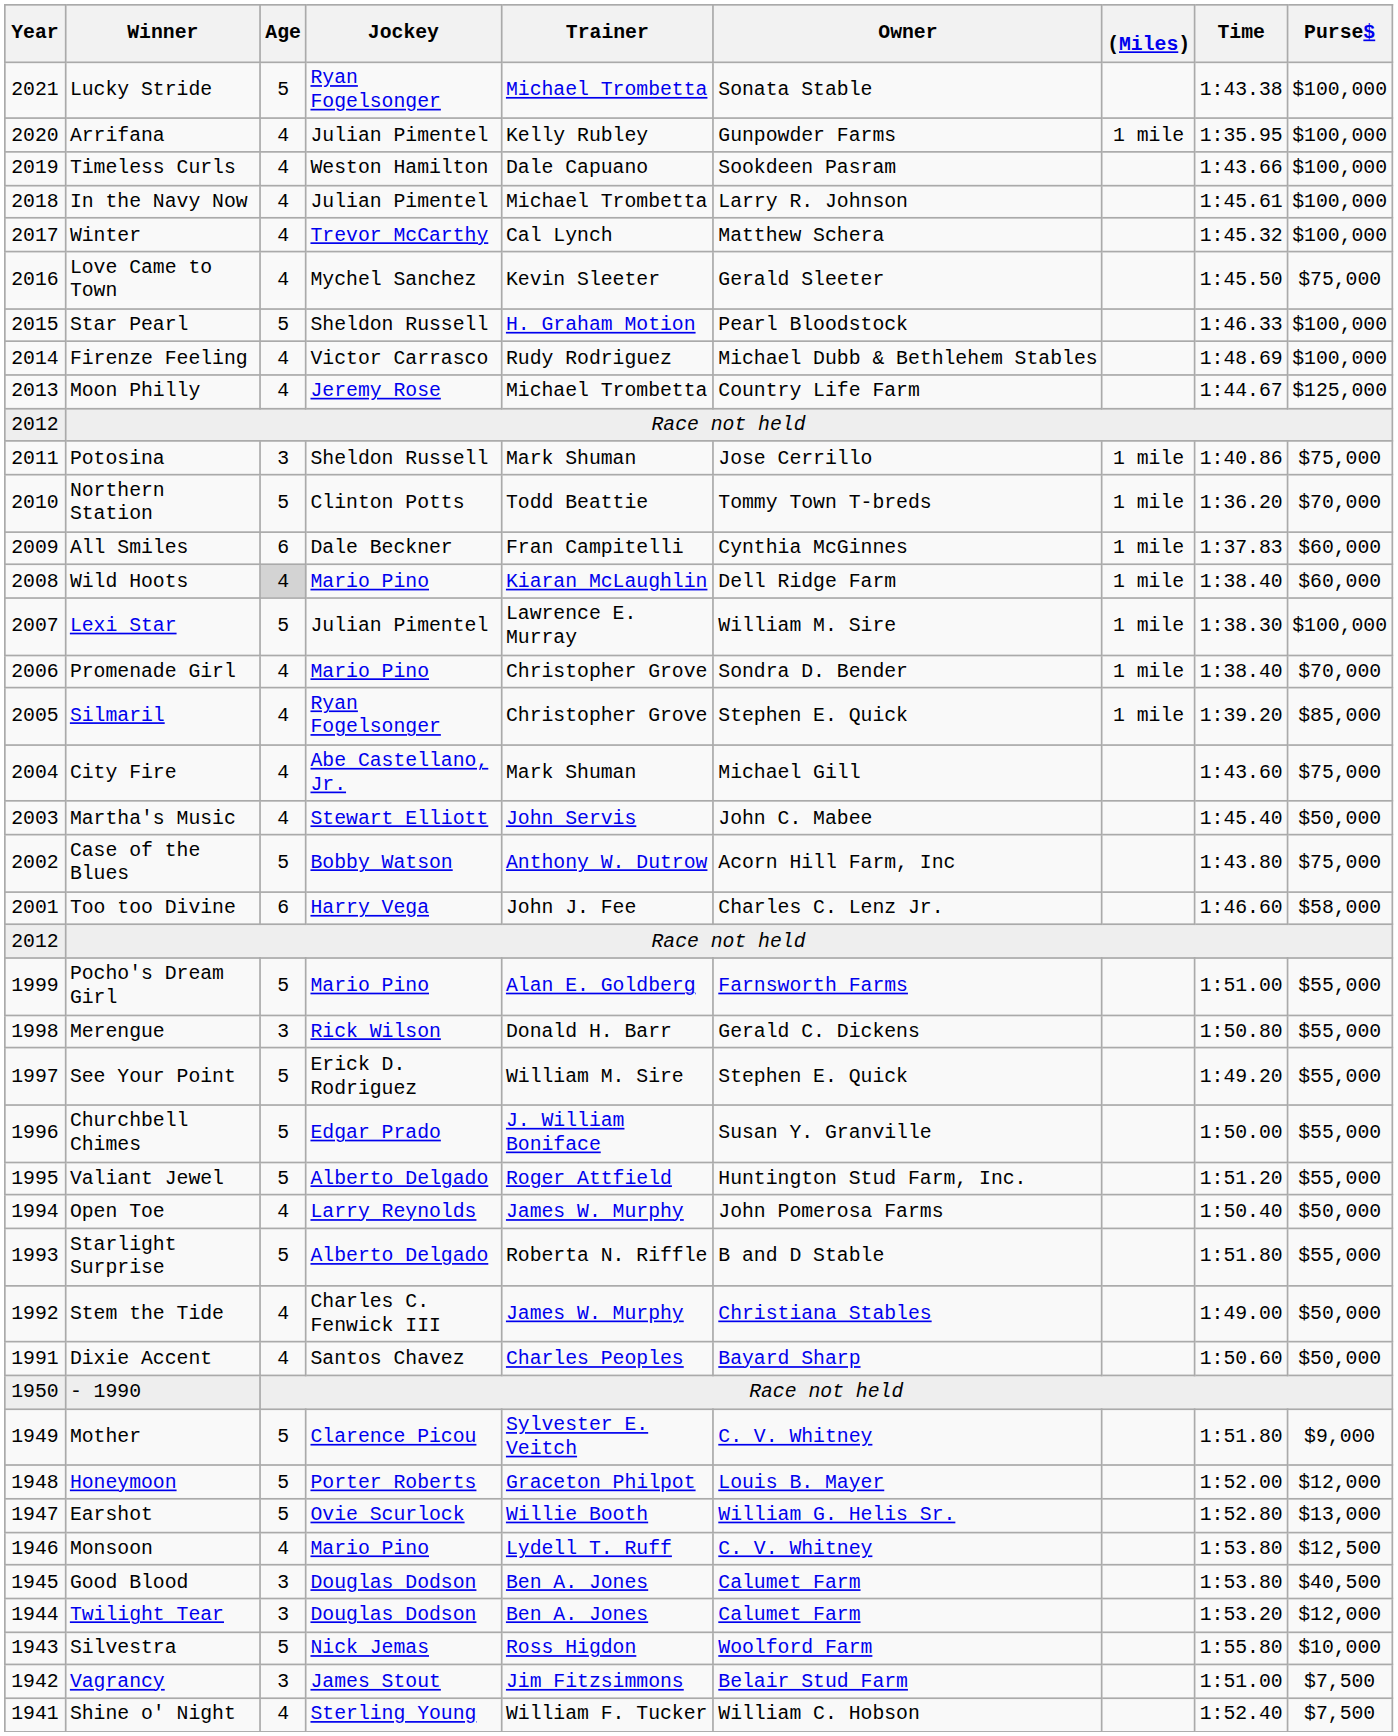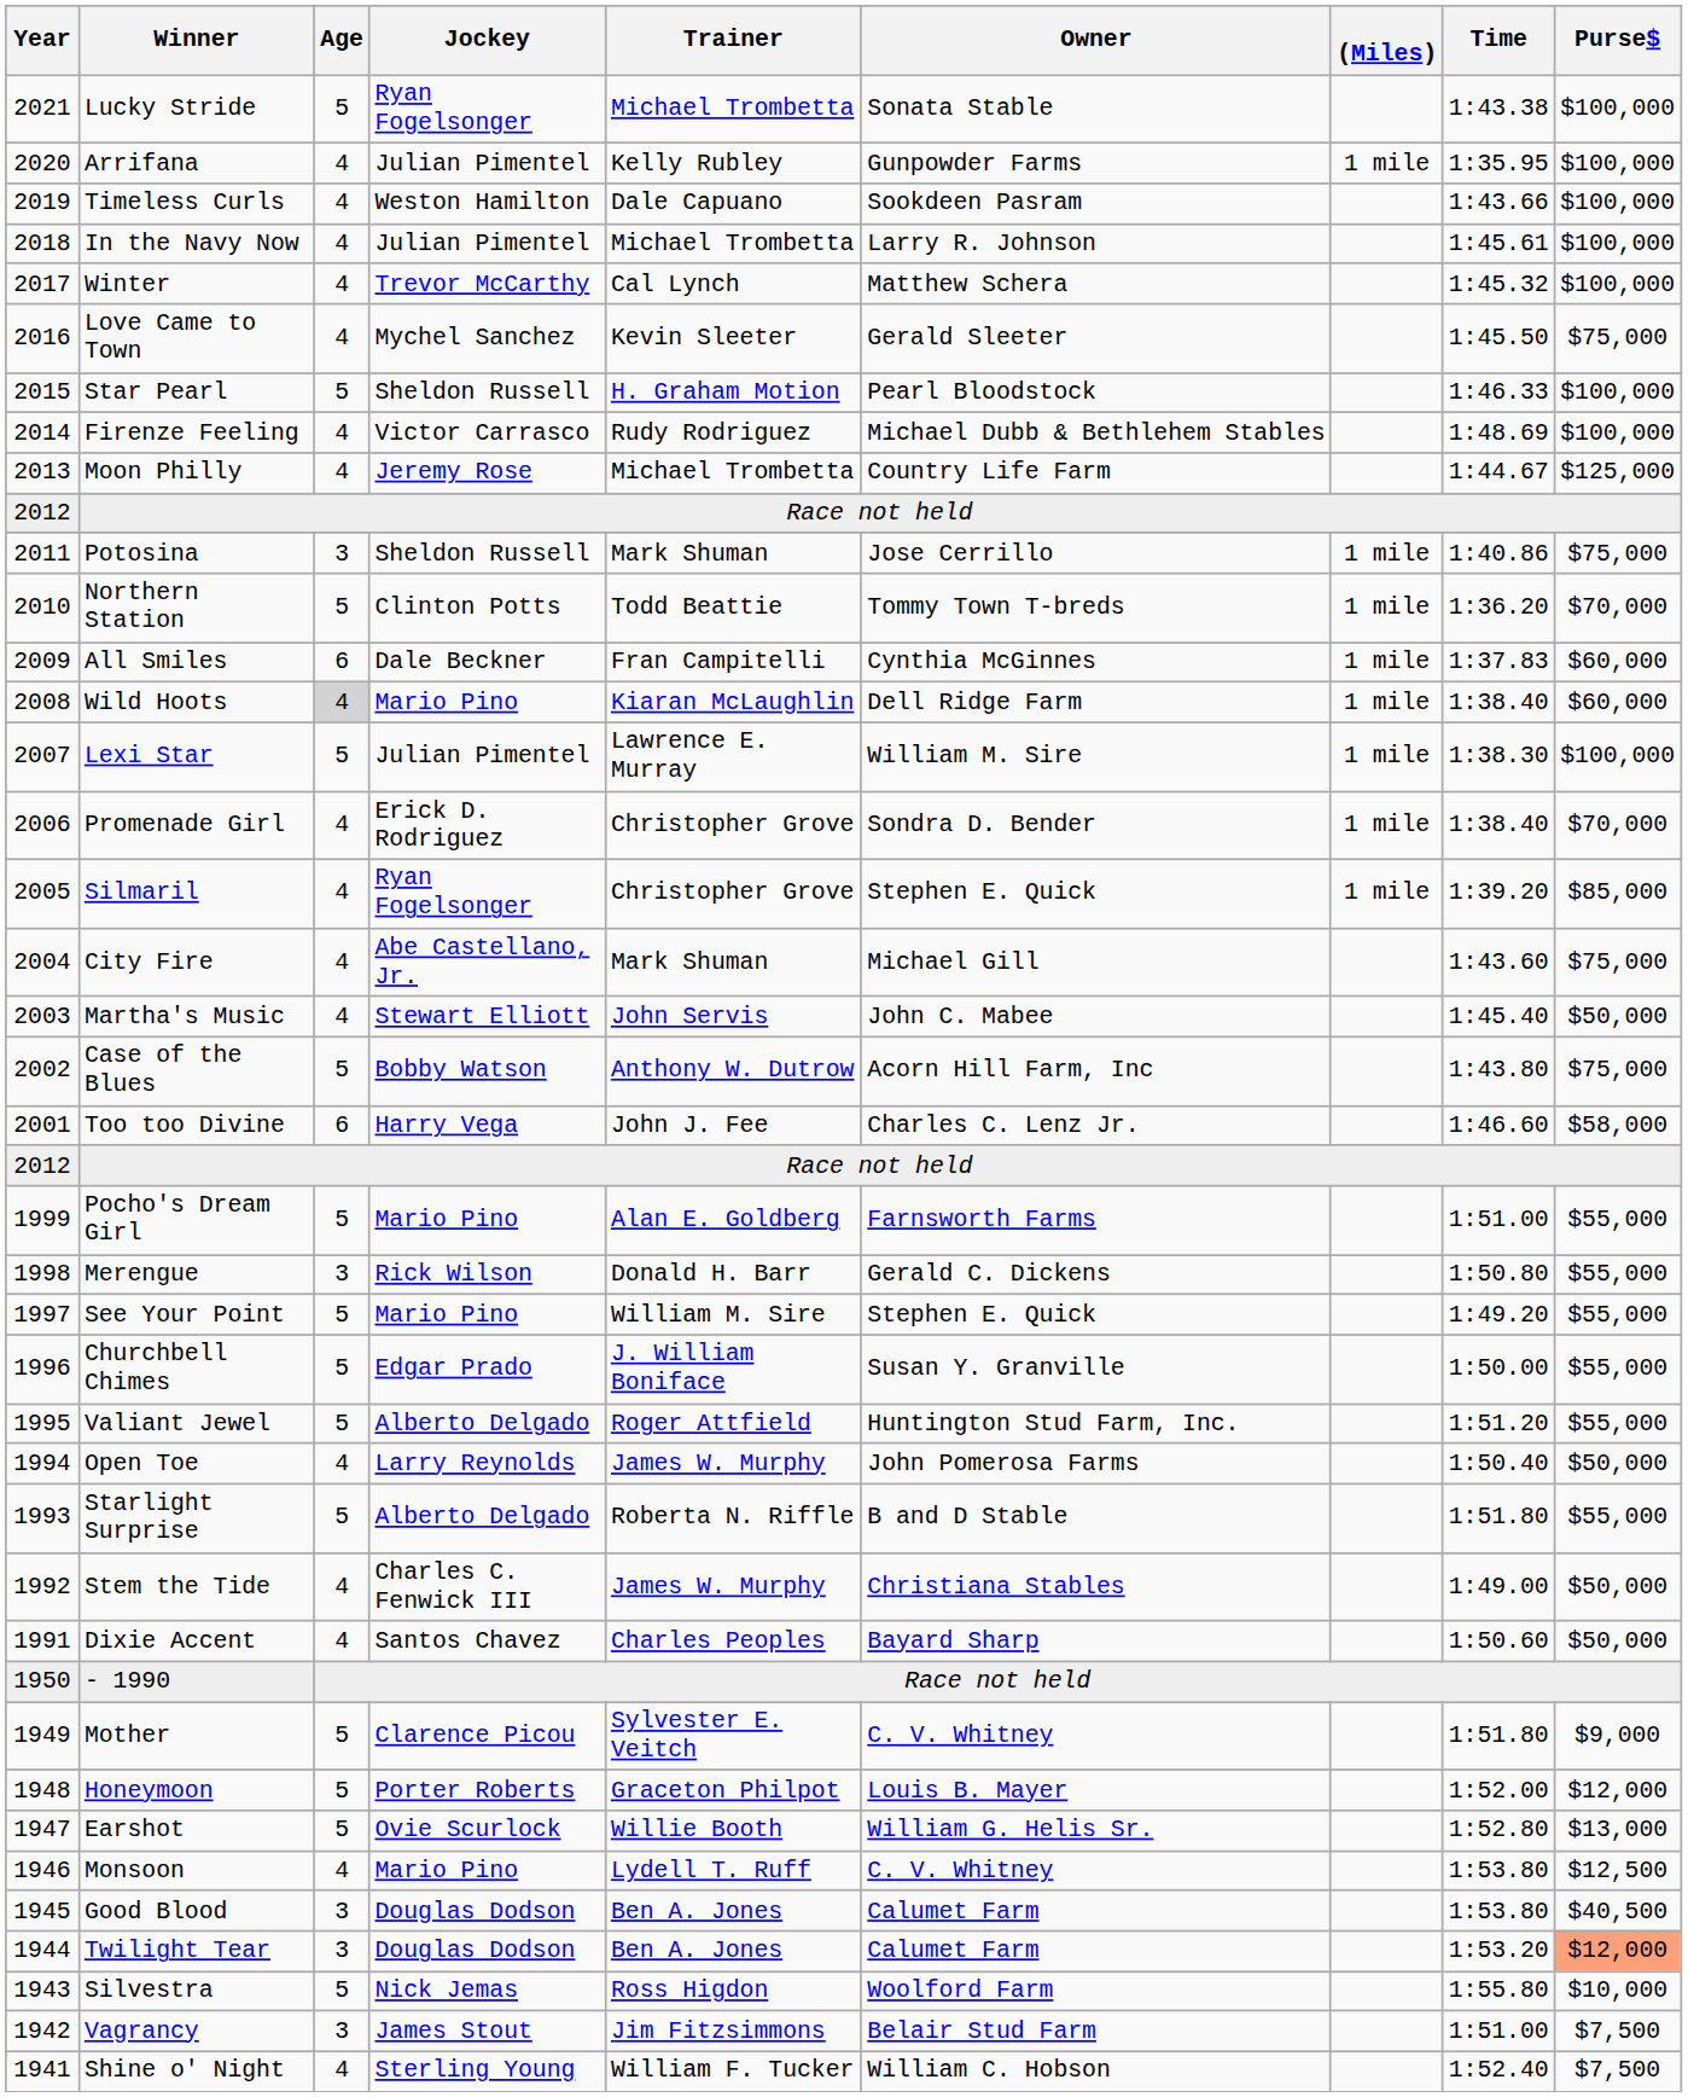 <table class="wikitable sortable" style="font-size:90%">
 <tr>
 <th style="width:30px">Year</th>
 <th style="width:110px">Winner</th>
 <th style="width:20px">Age</th>
 <th style="width:110px">Jockey</th>
 <th style="width:120px">Trainer</th>
 <th>Owner<br></th>
 <th style="width:25px"><br> <span>(<a href='#'>Miles</a>)</span></th>
 <th style="width:25px">Time</th>
 <th style="width:30px">Purse<a href='#'>$</a></th>
 </tr>
 <tr>
 <td align=center>2021</td>
 <td>Lucky Stride</td>
 <td align=center>5</td>
 <td><a href='#'>Ryan Fogelsonger</a></td>
 <td><a href='#'>Michael Trombetta</a></td>
 <td>Sonata Stable</td>
 <td align=center></td>
 <td align=center>1:43.38</td>
 <td align=center>$100,000</td>
 </tr>
 <tr>
 <td align=center>2020</td>
 <td>Arrifana</td>
 <td align=center>4</td>
 <td>Julian Pimentel</td>
 <td>Kelly Rubley</td>
 <td>Gunpowder Farms</td>
 <td align=center>1 mile</td>
 <td align=center>1:35.95</td>
 <td align=center>$100,000</td>
 </tr>
 <tr>
 <td align=center>2019</td>
 <td>Timeless Curls</td>
 <td align=center>4</td>
 <td>Weston Hamilton</td>
 <td>Dale Capuano</td>
 <td>Sookdeen Pasram</td>
 <td align=center></td>
 <td align=center>1:43.66</td>
 <td align=center>$100,000</td>
 </tr>
 <tr>
 <td align=center>2018</td>
 <td>In the Navy Now</td>
 <td align=center>4</td>
 <td>Julian Pimentel</td>
 <td>Michael Trombetta</td>
 <td>Larry R. Johnson</td>
 <td align=center></td>
 <td align=center>1:45.61</td>
 <td align=center>$100,000</td>
 </tr>
 <tr>
 <td align=center>2017</td>
 <td>Winter</td>
 <td align=center>4</td>
 <td><a href='#'>Trevor McCarthy</a></td>
 <td>Cal Lynch</td>
 <td>Matthew Schera</td>
 <td align=center></td>
 <td align=center>1:45.32</td>
 <td align=center>$100,000</td>
 </tr>
 <tr>
 <td align=center>2016</td>
 <td>Love Came to Town</td>
 <td align=center>4</td>
 <td>Mychel Sanchez</td>
 <td>Kevin Sleeter</td>
 <td>Gerald Sleeter</td>
 <td align=center></td>
 <td align=center>1:45.50</td>
 <td align=center>$75,000</td>
 </tr>
 <tr>
 <td align=center>2015</td>
 <td>Star Pearl</td>
 <td align=center>5</td>
 <td>Sheldon Russell</td>
 <td><a href='#'>H. Graham Motion</a></td>
 <td>Pearl Bloodstock</td>
 <td align=center></td>
 <td align=center>1:46.33</td>
 <td align=center>$100,000</td>
 </tr>
 <tr>
 <td align=center>2014</td>
 <td>Firenze Feeling</td>
 <td align=center>4</td>
 <td>Victor Carrasco</td>
 <td>Rudy Rodriguez</td>
 <td>Michael Dubb & Bethlehem Stables</td>
 <td align=center></td>
 <td align=center>1:48.69</td>
 <td align=center>$100,000</td>
 </tr>
 <tr>
 <td align=center>2013</td>
 <td>Moon Philly</td>
 <td align=center>4</td>
 <td><a href='#'>Jeremy Rose</a></td>
 <td>Michael Trombetta</td>
 <td>Country Life Farm</td>
 <td align=center></td>
 <td align=center>1:44.67</td>
 <td align=center>$125,000</td>
 </tr>
 <tr bgcolor="#eeeeee">
 <td align=center>2012</td>
 <td align=center  colspan=9><em>Race not held</em></td>
 </tr>
 <tr>
 <td align=center>2011</td>
 <td>Potosina</td>
 <td align=center>3</td>
 <td>Sheldon Russell</td>
 <td>Mark Shuman</td>
 <td>Jose Cerrillo</td>
 <td align=center>1 mile</td>
 <td align=center>1:40.86</td>
 <td align=center>$75,000</td>
 </tr>
 <tr>
 <td align=center>2010</td>
 <td>Northern Station</td>
 <td align=center>5</td>
 <td>Clinton Potts</td>
 <td>Todd Beattie</td>
 <td>Tommy Town T-breds</td>
 <td align=center>1 mile</td>
 <td align=center>1:36.20</td>
 <td align=center>$70,000</td>
 </tr>
 <tr>
 <td align=center>2009</td>
 <td>All Smiles</td>
 <td align=center>6</td>
 <td>Dale Beckner</td>
 <td>Fran Campitelli</td>
 <td>Cynthia McGinnes</td>
 <td align=center>1 mile</td>
 <td align=center>1:37.83</td>
 <td align=center>$60,000</td>
 </tr>
 <tr>
 <td align=center>2008</td>
 <td>Wild Hoots</td>
 <td align=center style="background: lightgrey;">4</td>
 <td><a href='#'>Mario Pino</a></td>
 <td><a href='#'>Kiaran McLaughlin</a></td>
 <td>Dell Ridge Farm</td>
 <td align=center>1 mile</td>
 <td align=center>1:38.40</td>
 <td align=center>$60,000</td>
 </tr>
 <tr>
 <td align=center>2007</td>
 <td><a href='#'>Lexi Star</a></td>
 <td align=center>5</td>
 <td>Julian Pimentel</td>
 <td>Lawrence E. Murray</td>
 <td>William M. Sire</td>
 <td align=center>1 mile</td>
 <td align=center>1:38.30</td>
 <td align=center>$100,000</td>
 </tr>
 <tr>
 <td align=center>2006</td>
 <td>Promenade Girl</td>
 <td align=center>4</td>
-<td><a href='#'>Mario Pino</a></td>
+<td>Erick D. Rodriguez</td>
 <td>Christopher Grove</td>
 <td>Sondra D. Bender</td>
 <td align=center>1 mile</td>
 <td align=center>1:38.40</td>
 <td align=center>$70,000</td>
 </tr>
 <tr>
 <td align=center>2005</td>
 <td><a href='#'>Silmaril</a></td>
 <td align=center>4</td>
 <td><a href='#'>Ryan Fogelsonger</a></td>
 <td>Christopher Grove</td>
 <td>Stephen E. Quick</td>
 <td align=center>1 mile</td>
 <td align=center>1:39.20</td>
 <td align=center>$85,000</td>
 </tr>
 <tr>
 <td align=center>2004</td>
 <td>City Fire</td>
 <td align=center>4</td>
 <td><a href='#'>Abe Castellano, Jr.</a></td>
 <td>Mark Shuman</td>
 <td>Michael Gill</td>
 <td align=center></td>
 <td align=center>1:43.60</td>
 <td align=center>$75,000</td>
 </tr>
 <tr>
 <td align=center>2003</td>
 <td>Martha's Music</td>
 <td align=center>4</td>
 <td><a href='#'>Stewart Elliott</a></td>
 <td><a href='#'>John Servis</a></td>
 <td>John C. Mabee</td>
 <td align=center></td>
 <td align=center>1:45.40</td>
 <td align=center>$50,000</td>
 </tr>
 <tr>
 <td align=center>2002</td>
 <td>Case of the Blues</td>
 <td align=center>5</td>
 <td><a href='#'>Bobby Watson</a></td>
 <td><a href='#'>Anthony W. Dutrow</a></td>
 <td>Acorn Hill Farm, Inc</td>
 <td align=center></td>
 <td align=center>1:43.80</td>
 <td align=center>$75,000</td>
 </tr>
 <tr>
 <td align=center>2001</td>
 <td>Too too Divine</td>
 <td align=center>6</td>
 <td><a href='#'>Harry Vega</a></td>
 <td>John J. Fee</td>
 <td>Charles C. Lenz Jr.</td>
 <td align=center></td>
 <td align=center>1:46.60</td>
 <td align=center>$58,000</td>
 </tr>
 <tr bgcolor="#eeeeee">
 <td align=center>2012</td>
 <td align=center  colspan=9><em>Race not held</em></td>
 </tr>
 <tr>
 <td align=center>1999</td>
 <td>Pocho's Dream Girl</td>
 <td align=center>5</td>
 <td><a href='#'>Mario Pino</a></td>
 <td><a href='#'>Alan E. Goldberg</a></td>
 <td><a href='#'>Farnsworth Farms</a></td>
 <td align=center></td>
 <td align=center>1:51.00</td>
 <td align=center>$55,000</td>
 </tr>
 <tr>
 <td align=center>1998</td>
 <td>Merengue</td>
 <td align=center>3</td>
 <td><a href='#'>Rick Wilson</a></td>
 <td>Donald H. Barr</td>
 <td>Gerald C. Dickens</td>
 <td align=center></td>
 <td align=center>1:50.80</td>
 <td align=center>$55,000</td>
 </tr>
 <tr>
 <td align=center>1997</td>
 <td>See Your Point</td>
 <td align=center>5</td>
-<td>Erick D. Rodriguez</td>
+<td><a href='#'>Mario Pino</a></td>
 <td>William M. Sire</td>
 <td>Stephen E. Quick</td>
 <td align=center></td>
 <td align=center>1:49.20</td>
 <td align=center>$55,000</td>
 </tr>
 <tr>
 <td align=center>1996</td>
 <td>Churchbell Chimes</td>
 <td align=center>5</td>
 <td><a href='#'>Edgar Prado</a></td>
 <td><a href='#'>J. William Boniface</a></td>
 <td>Susan Y. Granville</td>
 <td align=center></td>
 <td align=center>1:50.00</td>
 <td align=center>$55,000</td>
 </tr>
 <tr>
 <td align=center>1995</td>
 <td>Valiant Jewel</td>
 <td align=center>5</td>
 <td><a href='#'>Alberto Delgado</a></td>
 <td><a href='#'>Roger Attfield</a></td>
 <td>Huntington Stud Farm, Inc.</td>
 <td align=center></td>
 <td align=center>1:51.20</td>
 <td align=center>$55,000</td>
 </tr>
 <tr>
 <td align=center>1994</td>
 <td>Open Toe</td>
 <td align=center>4</td>
 <td><a href='#'>Larry Reynolds</a></td>
 <td><a href='#'>James W. Murphy</a></td>
 <td>John Pomerosa Farms</td>
 <td align=center></td>
 <td align=center>1:50.40</td>
 <td align=center>$50,000</td>
 </tr>
 <tr>
 <td align=center>1993</td>
 <td>Starlight Surprise</td>
 <td align=center>5</td>
 <td><a href='#'>Alberto Delgado</a></td>
 <td>Roberta N. Riffle</td>
 <td>B and D Stable</td>
 <td align=center></td>
 <td align=center>1:51.80</td>
 <td align=center>$55,000</td>
 </tr>
 <tr>
 <td align=center>1992</td>
 <td>Stem the Tide</td>
 <td align=center>4</td>
 <td>Charles C. Fenwick III</td>
 <td><a href='#'>James W. Murphy</a></td>
 <td><a href='#'>Christiana Stables</a></td>
 <td align=center></td>
 <td align=center>1:49.00</td>
 <td align=center>$50,000</td>
 </tr>
 <tr>
 <td align=center>1991</td>
 <td>Dixie Accent</td>
 <td align=center>4</td>
 <td>Santos Chavez</td>
 <td><a href='#'>Charles Peoples</a></td>
 <td><a href='#'>Bayard Sharp</a></td>
 <td align=center></td>
 <td align=center>1:50.60</td>
 <td align=center>$50,000</td>
 </tr>
 <tr bgcolor="#eeeeee">
 <td align=center>1950</td>
 <td>- 1990</td>
 <td align=center  colspan=9><em>Race not held</em></td>
 </tr>
 <tr>
 <td align=center>1949</td>
 <td>Mother</td>
 <td align=center>5</td>
 <td><a href='#'>Clarence Picou</a></td>
 <td><a href='#'>Sylvester E. Veitch</a></td>
 <td><a href='#'>C. V. Whitney</a></td>
 <td align=center></td>
 <td align=center>1:51.80</td>
 <td align=center>$9,000</td>
 </tr>
 <tr>
 <td align=center>1948</td>
 <td><a href='#'>Honeymoon</a></td>
 <td align=center>5</td>
 <td><a href='#'>Porter Roberts</a></td>
 <td><a href='#'>Graceton Philpot</a></td>
 <td><a href='#'>Louis B. Mayer</a></td>
 <td align=center></td>
 <td align=center>1:52.00</td>
 <td align=center>$12,000</td>
 </tr>
 <tr>
 <td align=center>1947</td>
 <td>Earshot</td>
 <td align=center>5</td>
 <td><a href='#'>Ovie Scurlock</a></td>
 <td><a href='#'>Willie Booth</a></td>
 <td><a href='#'>William G. Helis Sr.</a></td>
 <td align=center></td>
 <td align=center>1:52.80</td>
 <td align=center>$13,000</td>
 </tr>
 <tr>
 <td align=center>1946</td>
 <td>Monsoon</td>
 <td align=center>4</td>
 <td><a href='#'>Mario Pino</a></td>
 <td><a href='#'>Lydell T. Ruff</a></td>
 <td><a href='#'>C. V. Whitney</a></td>
 <td align=center></td>
 <td align=center>1:53.80</td>
 <td align=center>$12,500</td>
 </tr>
 <tr>
 <td align=center>1945</td>
 <td>Good Blood</td>
 <td align=center>3</td>
 <td><a href='#'>Douglas Dodson</a></td>
 <td><a href='#'>Ben A. Jones</a></td>
 <td><a href='#'>Calumet Farm</a></td>
 <td align=center></td>
 <td align=center>1:53.80</td>
 <td align=center>$40,500</td>
 </tr>
 <tr>
 <td align=center>1944</td>
 <td><a href='#'>Twilight Tear</a></td>
 <td align=center>3</td>
 <td><a href='#'>Douglas Dodson</a></td>
 <td><a href='#'>Ben A. Jones</a></td>
 <td><a href='#'>Calumet Farm</a></td>
 <td align=center></td>
 <td align=center>1:53.20</td>
-<td align=center>$12,000</td>
+<td align=center style="background: lightsalmon;">$12,000</td>
 </tr>
 <tr>
 <td align=center>1943</td>
 <td>Silvestra</td>
 <td align=center>5</td>
 <td><a href='#'>Nick Jemas</a></td>
 <td><a href='#'>Ross Higdon</a></td>
 <td><a href='#'>Woolford Farm</a></td>
 <td align=center></td>
 <td align=center>1:55.80</td>
 <td align=center>$10,000</td>
 </tr>
 <tr>
 <td align=center>1942</td>
 <td><a href='#'>Vagrancy</a></td>
 <td align=center>3</td>
 <td><a href='#'>James Stout</a></td>
 <td><a href='#'>Jim Fitzsimmons</a></td>
 <td><a href='#'>Belair Stud Farm</a></td>
 <td align=center></td>
 <td align=center>1:51.00</td>
 <td align=center>$7,500</td>
 </tr>
 <tr>
 <td align=center>1941</td>
 <td>Shine o' Night</td>
 <td align=center>4</td>
 <td><a href='#'>Sterling Young</a></td>
 <td>William F. Tucker</td>
 <td>William C. Hobson</td>
 <td align=center></td>
 <td align=center>1:52.40</td>
 <td align=center>$7,500</td>
 </tr>
 <tr>
 </tr>
 </table>
